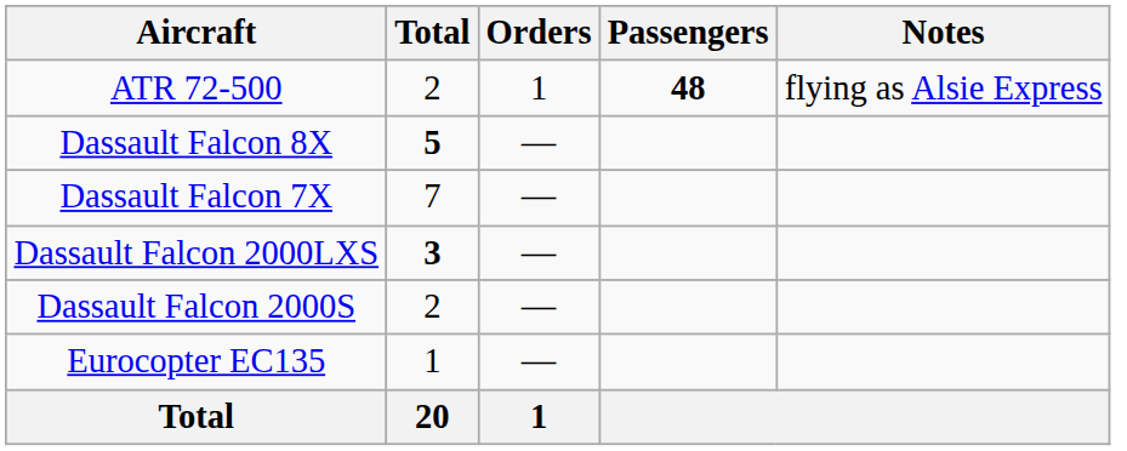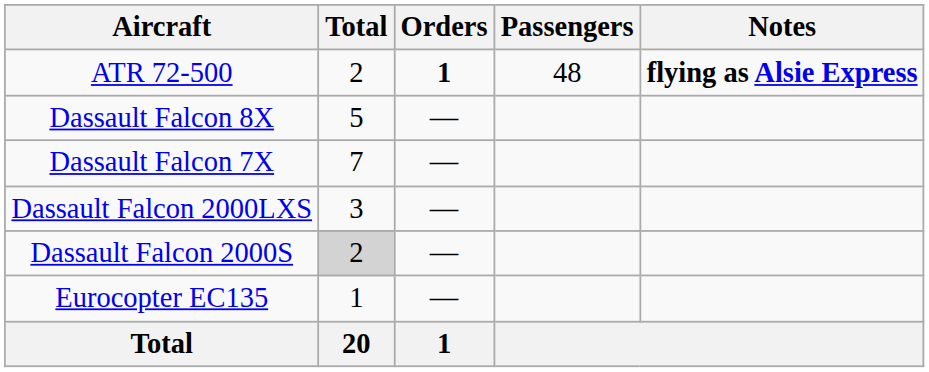 <table class="wikitable" style="border-collapse:collapse;text-align:center">
 <tr>
 <th>Aircraft</th>
 <th>Total</th>
 <th>Orders</th>
 <th>Passengers</th>
 <th>Notes</th>
 </tr>
 <tr>
 <td><a href='#'>ATR 72-500</a></td>
 <td>2</td>
-<td>1</td>
-<td><strong>48</strong></td>
-<td>flying as <a href='#'>Alsie Express</a></td>
+<td><strong>1</strong></td>
+<td>48</td>
+<td><strong>flying as <a href='#'>Alsie Express</a></strong></td>
 </tr>
 <tr>
 <td><a href='#'>Dassault Falcon 8X</a></td>
-<td><strong>5</strong></td>
+<td>5</td>
 <td>—</td>
 <td></td>
 <td></td>
 </tr>
 <tr>
 <td><a href='#'>Dassault Falcon 7X</a></td>
 <td>7</td>
 <td>—</td>
 <td></td>
 <td></td>
 </tr>
 <tr>
 <td><a href='#'>Dassault Falcon 2000LXS</a></td>
-<td><strong>3</strong></td>
+<td>3</td>
 <td>—</td>
 <td></td>
 <td></td>
 </tr>
 <tr>
 <td><a href='#'>Dassault Falcon 2000S</a></td>
-<td>2</td>
+<td style="background: lightgrey;">2</td>
 <td>—</td>
 <td></td>
 <td></td>
 </tr>
 <tr>
 <td><a href='#'>Eurocopter EC135</a></td>
 <td>1</td>
 <td>—</td>
 <td></td>
 <td></td>
 </tr>
 <tr>
 <th>Total</th>
 <th>20</th>
 <th>1</th>
 <th colspan="3"></th>
 </tr>
 </table>
